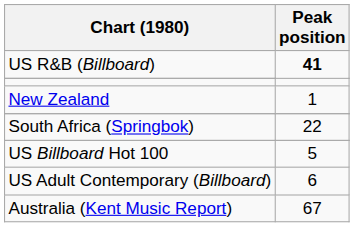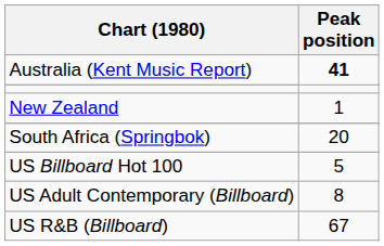 <table class="wikitable sortable">
 <tr>
 <th>Chart (1980)</th>
 <th>Peak<br>position</th>
 </tr>
 <tr>
-<td>US R&B (<em>Billboard</em>)</td>
+<td>Australia (<a href='#'>Kent Music Report</a>)</td>
 <td style="text-align:center;"><strong>41</strong></td>
 </tr>
 <tr>
 </tr>
 <tr>
 </tr>
 <tr>
 </tr>
 <tr>
 </tr>
 <tr>
 <td></td>
 </tr>
 <tr>
 <td><a href='#'>New Zealand</a></td>
 <td style="text-align:center;">1</td>
 </tr>
 <tr>
 </tr>
 <tr>
 <td>South Africa (<a href='#'>Springbok</a>)</td>
-<td align="center">22</td>
+<td align="center">20</td>
 </tr>
 <tr>
 </tr>
 <tr>
 </tr>
 <tr>
 <td>US <em>Billboard</em> Hot 100</td>
 <td style="text-align:center;">5</td>
 </tr>
 <tr>
 <td>US Adult Contemporary (<em>Billboard</em>)</td>
-<td style="text-align:center;">6</td>
+<td style="text-align:center;">8</td>
 </tr>
 <tr>
-<td>Australia (<a href='#'>Kent Music Report</a>)</td>
+<td>US R&B (<em>Billboard</em>)</td>
 <td style="text-align:center;">67</td>
 </tr>
 </table>
